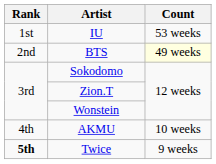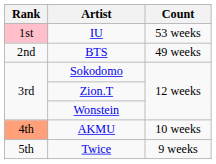 <table class="wikitable" style="text-align: center;">
 <tr>
 <th width="50">Rank</th>
 <th width="120">Artist</th>
 <th width="80">Count</th>
 </tr>
 <tr>
-<td>1st</td>
+<td style="background: pink;">1st</td>
 <td><a href='#'>IU</a></td>
 <td>53 weeks</td>
 </tr>
 <tr>
 <td>2nd</td>
 <td><a href='#'>BTS</a></td>
-<td style="background: lightyellow;">49 weeks</td>
+<td>49 weeks</td>
 </tr>
 <tr>
 <td rowspan="3">3rd</td>
 <td><a href='#'>Sokodomo</a></td>
 <td rowspan="3">12 weeks</td>
 </tr>
 <tr>
 <td><a href='#'>Zion.T</a></td>
 </tr>
 <tr>
 <td><a href='#'>Wonstein</a></td>
 </tr>
 <tr>
-<td>4th</td>
+<td style="background: lightsalmon;">4th</td>
 <td><a href='#'>AKMU</a></td>
 <td>10 weeks</td>
 </tr>
 <tr>
-<td><strong>5th</strong></td>
+<td>5th</td>
 <td><a href='#'>Twice</a></td>
 <td>9 weeks</td>
 </tr>
 </table>
